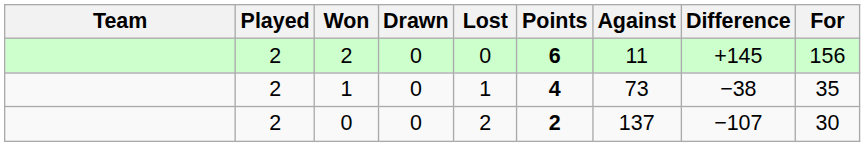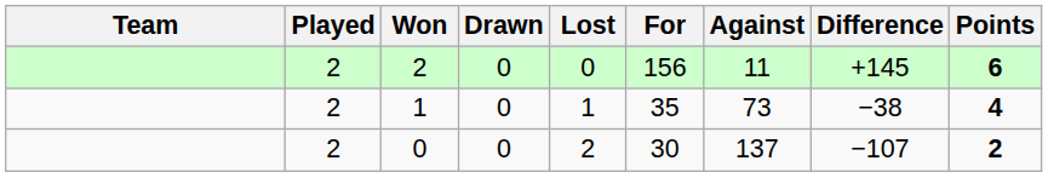 <table class="wikitable" style="text-align:center">
 <tr>
 <th width=165>Team</th>
 <th width=40>Played</th>
 <th width=40>Won</th>
 <th width=40>Drawn</th>
 <th width=40>Lost</th>
-<th width=40>Points</th>
+<th width=40>For</th>
 <th width=40>Against</th>
 <th width=40>Difference</th>
-<th width=40>For</th>
+<th width=40>Points</th>
 </tr>
 <tr bgcolor=#ccffcc>
 <td style="text-align:left"></td>
 <td>2</td>
 <td>2</td>
 <td>0</td>
 <td>0</td>
-<td><strong>6</strong></td>
+<td>156</td>
 <td>11</td>
 <td>+145</td>
-<td>156</td>
+<td><strong>6</strong></td>
 </tr>
 <tr>
 <td style="text-align:left"></td>
 <td>2</td>
 <td>1</td>
 <td>0</td>
 <td>1</td>
-<td><strong>4</strong></td>
+<td>35</td>
 <td>73</td>
 <td>−38</td>
-<td>35</td>
+<td><strong>4</strong></td>
 </tr>
 <tr>
 <td style="text-align:left"></td>
 <td>2</td>
 <td>0</td>
 <td>0</td>
 <td>2</td>
-<td><strong>2</strong></td>
+<td>30</td>
 <td>137</td>
 <td>−107</td>
-<td>30</td>
+<td><strong>2</strong></td>
 </tr>
 </table>
